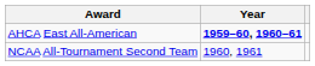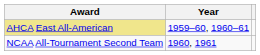 <table class="wikitable">
 <tr>
 <th>Award</th>
 <th>Year</th>
 <th></th>
 </tr>
 <tr>
-<td><a href='#'>AHCA</a> <a href='#'>East All-American</a></td>
-<td><strong><a href='#'>1959–60</a>, <a href='#'>1960–61</a></strong></td>
+<td style="background: khaki;"><a href='#'>AHCA</a> <a href='#'>East All-American</a></td>
+<td><a href='#'>1959–60</a>, <a href='#'>1960–61</a></td>
 <td></td>
 </tr>
 <tr>
 <td><a href='#'>NCAA</a> <a href='#'>All-Tournament Second Team</a></td>
 <td><a href='#'>1960</a>, <a href='#'>1961</a></td>
 <td></td>
 </tr>
 </table>
